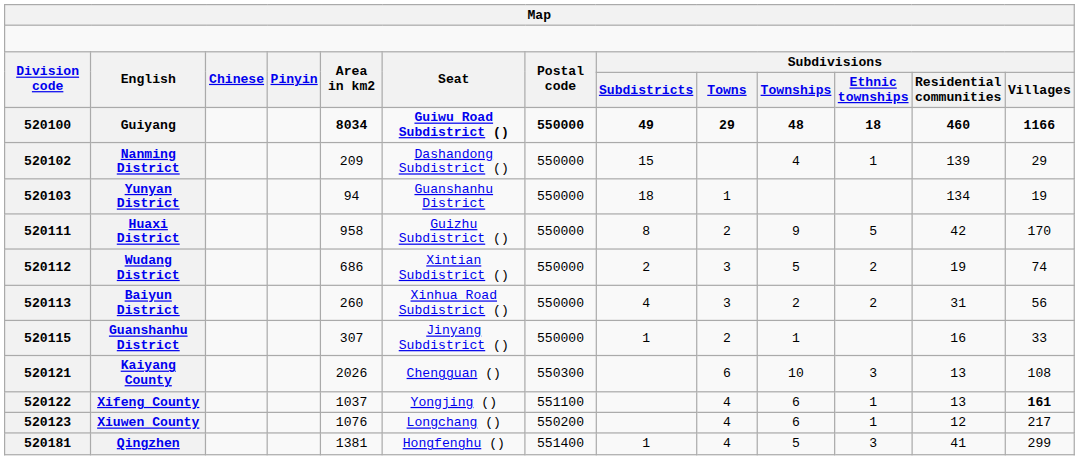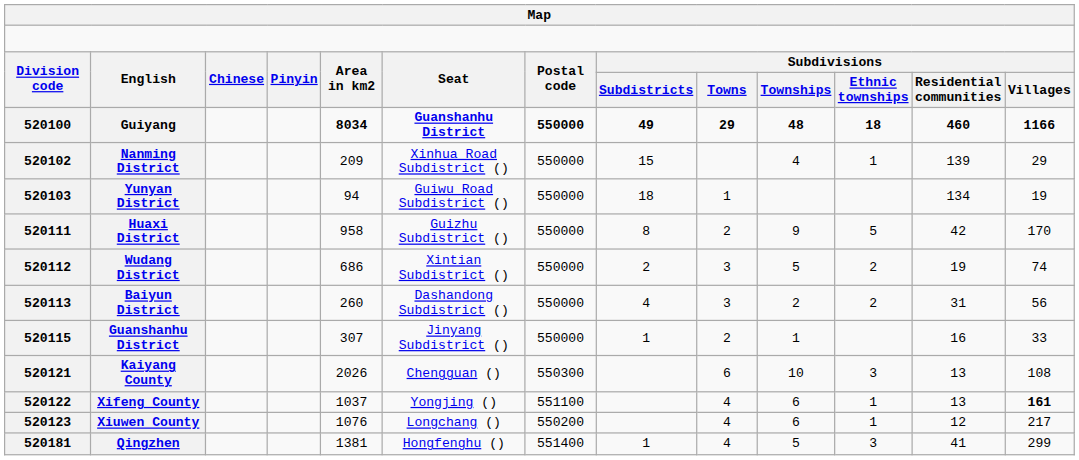 <table class="wikitable" align="center" style="width:70%; font-size:smaller" border="1">
 <tr>
 <th colspan="13">Map</th>
 </tr>
 <tr>
 <td colspan=13 align="center" style="font-size:larger"><br><div>              </div></td>
 </tr>
 <tr>
 <th ! scope="col" rowspan=2><a href='#'>Division code</a></th>
 <th ! scope="col" rowspan=2>English</th>
 <th ! scope="col" rowspan=2><a href='#'>Chinese</a></th>
 <th ! scope="col" rowspan=2><a href='#'>Pinyin</a></th>
 <th ! scope="col" rowspan=2>Area in km2</th>
 <th ! scope="col" rowspan=2>Seat</th>
 <th ! scope="col" rowspan=2>Postal code</th>
 <th ! scope="col" colspan=6>Subdivisions</th>
 </tr>
 <tr>
 <th ! scope="col" width="45"><a href='#'>Subdistricts</a></th>
 <th ! scope="col" width="45"><a href='#'>Towns</a></th>
 <th ! scope="col" width="45"><a href='#'>Townships</a></th>
 <th ! scope="col" width="45"><a href='#'>Ethnic townships</a></th>
 <th ! scope="col" width="45">Residential communities</th>
 <th ! scope="col" width="45">Villages</th>
 </tr>
 <tr align="center" style="font-weight:bold">
 <th>520100</th>
 <th>Guiyang</th>
 <td></td>
 <td></td>
 <td>8034</td>
-<td><a href='#'>Guiwu Road Subdistrict</a> ()</td>
+<td><a href='#'>Guanshanhu District</a></td>
 <td>550000</td>
 <td>49</td>
 <td>29</td>
 <td>48</td>
 <td>18</td>
 <td>460</td>
 <td>1166</td>
 </tr>
 <tr align="center">
 <th>520102</th>
 <th><a href='#'>Nanming District</a></th>
 <td></td>
 <td></td>
 <td>209</td>
-<td><a href='#'>Dashandong Subdistrict</a> ()</td>
+<td><a href='#'>Xinhua Road Subdistrict</a> ()</td>
 <td>550000</td>
 <td>15</td>
 <td></td>
 <td>4</td>
 <td>1</td>
 <td>139</td>
 <td>29</td>
 </tr>
 <tr align="center">
 <th>520103</th>
 <th><a href='#'>Yunyan District</a></th>
 <td></td>
 <td></td>
 <td>94</td>
-<td><a href='#'>Guanshanhu District</a></td>
+<td><a href='#'>Guiwu Road Subdistrict</a> ()</td>
 <td>550000</td>
 <td>18</td>
 <td>1</td>
 <td></td>
 <td></td>
 <td>134</td>
 <td>19</td>
 </tr>
 <tr align="center">
 <th>520111</th>
 <th><a href='#'>Huaxi District</a></th>
 <td></td>
 <td></td>
 <td>958</td>
 <td><a href='#'>Guizhu Subdistrict</a> ()</td>
 <td>550000</td>
 <td>8</td>
 <td>2</td>
 <td>9</td>
 <td>5</td>
 <td>42</td>
 <td>170</td>
 </tr>
 <tr align="center">
 <th>520112</th>
 <th><a href='#'>Wudang District</a></th>
 <td></td>
 <td></td>
 <td>686</td>
 <td><a href='#'>Xintian Subdistrict</a> ()</td>
 <td>550000</td>
 <td>2</td>
 <td>3</td>
 <td>5</td>
 <td>2</td>
 <td>19</td>
 <td>74</td>
 </tr>
 <tr align="center">
 <th>520113</th>
 <th><a href='#'>Baiyun District</a></th>
 <td></td>
 <td></td>
 <td>260</td>
-<td><a href='#'>Xinhua Road Subdistrict</a> ()</td>
+<td><a href='#'>Dashandong Subdistrict</a> ()</td>
 <td>550000</td>
 <td>4</td>
 <td>3</td>
 <td>2</td>
 <td>2</td>
 <td>31</td>
 <td>56</td>
 </tr>
 <tr align="center">
 <th>520115</th>
 <th><a href='#'>Guanshanhu District</a></th>
 <td></td>
 <td></td>
 <td>307</td>
 <td><a href='#'>Jinyang Subdistrict</a> ()</td>
 <td>550000</td>
 <td>1</td>
 <td>2</td>
 <td>1</td>
 <td></td>
 <td>16</td>
 <td>33</td>
 </tr>
 <tr align="center">
 <th>520121</th>
 <th><a href='#'>Kaiyang County</a></th>
 <td></td>
 <td></td>
 <td>2026</td>
 <td><a href='#'>Chengguan</a> ()</td>
 <td>550300</td>
 <td></td>
 <td>6</td>
 <td>10</td>
 <td>3</td>
 <td>13</td>
 <td>108</td>
 </tr>
 <tr align="center">
 <th>520122</th>
 <th><a href='#'>Xifeng County</a></th>
 <td></td>
 <td></td>
 <td>1037</td>
 <td><a href='#'>Yongjing</a> ()</td>
 <td>551100</td>
 <td></td>
 <td>4</td>
 <td>6</td>
 <td>1</td>
 <td>13</td>
 <td><strong>161</strong></td>
 </tr>
 <tr align="center">
 <th>520123</th>
 <th><a href='#'>Xiuwen County</a></th>
 <td></td>
 <td></td>
 <td>1076</td>
 <td><a href='#'>Longchang</a> ()</td>
 <td>550200</td>
 <td></td>
 <td>4</td>
 <td>6</td>
 <td>1</td>
 <td>12</td>
 <td>217</td>
 </tr>
 <tr align="center">
 <th>520181</th>
 <th><a href='#'>Qingzhen</a></th>
 <td></td>
 <td></td>
 <td>1381</td>
 <td><a href='#'>Hongfenghu</a> ()</td>
 <td>551400</td>
 <td>1</td>
 <td>4</td>
 <td>5</td>
 <td>3</td>
 <td>41</td>
 <td>299</td>
 </tr>
 </table>
